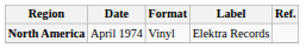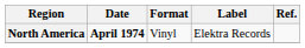 <table class="wikitable plainrowheaders">
 <tr>
 <th scope="col">Region</th>
 <th scope="col">Date</th>
 <th scope="col">Format</th>
 <th scope="col">Label</th>
 <th scope="col">Ref.</th>
 </tr>
 <tr>
 <th scope="row">North America</th>
-<td>April 1974</td>
+<td><strong>April 1974</strong></td>
 <td>Vinyl</td>
 <td>Elektra Records</td>
 <td></td>
 </tr>
 <tr>
 </tr>
 </table>
